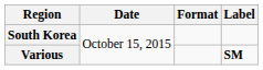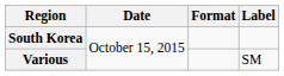 <table class="wikitable plainrowheaders">
 <tr>
 <th scope="col">Region</th>
 <th scope="col">Date</th>
 <th scope="col">Format</th>
 <th scope="col">Label</th>
 </tr>
 <tr>
 <th scope="row">South Korea</th>
 <td rowspan="2">October 15, 2015</td>
 <td></td>
 <td></td>
 </tr>
 <tr>
 <th scope="row">Various </th>
 <td></td>
-<td><strong>SM</strong></td>
+<td>SM</td>
 </tr>
 </table>
